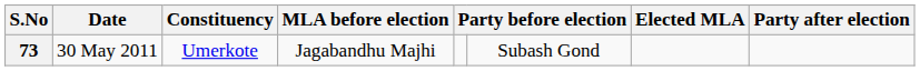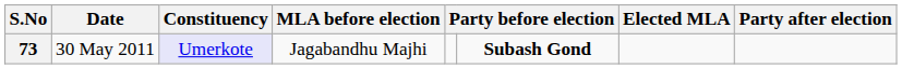 <table class="wikitable sortable" style="text-align:center;">
 <tr>
 <th>S.No</th>
 <th>Date</th>
 <th>Constituency</th>
 <th>MLA before election</th>
 <th colspan="2">Party before election</th>
 <th>Elected MLA</th>
 <th colspan="2">Party after election</th>
 </tr>
 <tr>
 <th>73</th>
 <td>30 May 2011</td>
-<td><a href='#'>Umerkote</a></td>
+<td style="background: lavender;"><a href='#'>Umerkote</a></td>
 <td>Jagabandhu Majhi</td>
 <td></td>
-<td>Subash Gond</td>
+<td><strong>Subash Gond</strong></td>
 <td></td>
 </tr>
 </table>
